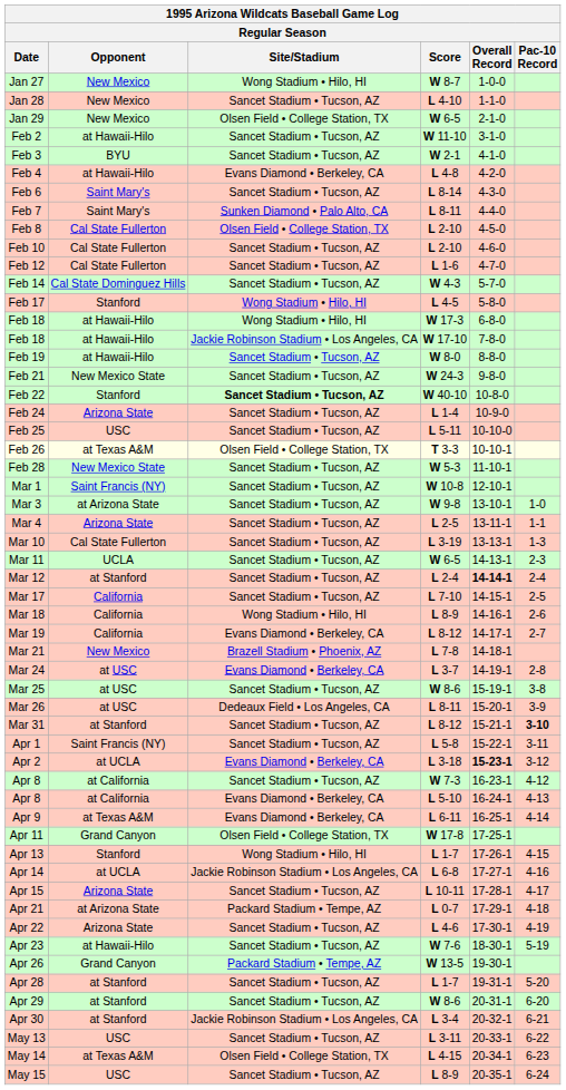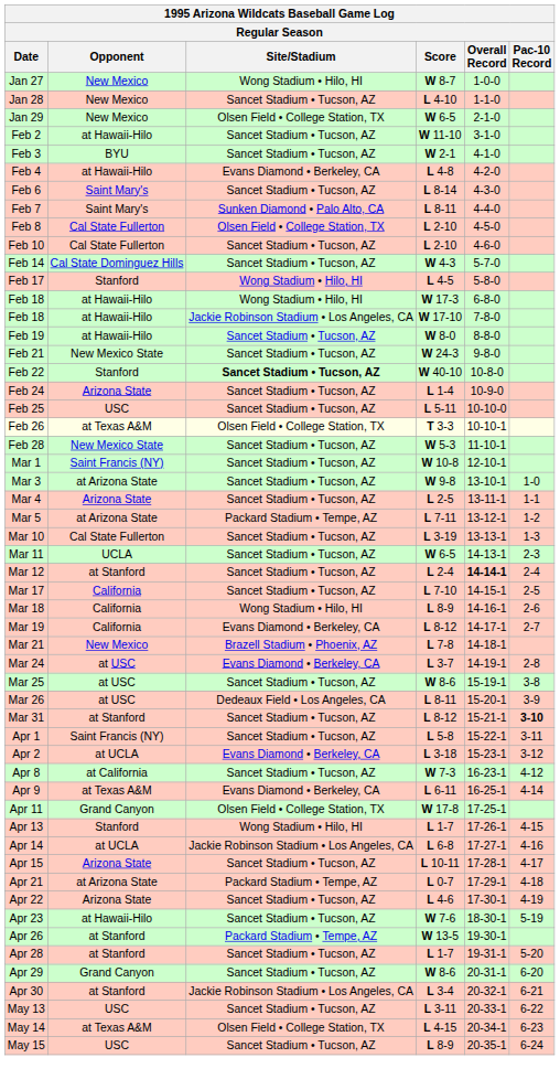 <table class="wikitable">
 <tr>
 <th colspan="6">1995 Arizona Wildcats Baseball Game Log</th>
 </tr>
 <tr>
 <th colspan="6">Regular Season</th>
 </tr>
 <tr>
 <th>Date</th>
 <th>Opponent</th>
 <th>Site/Stadium</th>
 <th>Score</th>
 <th>Overall<br>Record</th>
 <th>Pac-10<br>Record</th>
 </tr>
 <tr bgcolor="ccffcc" align="center">
 <td>Jan 27</td>
 <td><a href='#'>New Mexico</a></td>
 <td>Wong Stadium • Hilo, HI</td>
 <td><strong>W</strong> 8-7</td>
 <td>1-0-0</td>
 <td></td>
 </tr>
 <tr bgcolor="ffccc" align="center">
 <td>Jan 28</td>
 <td>New Mexico</td>
 <td>Sancet Stadium • Tucson, AZ</td>
 <td><strong>L</strong> 4-10</td>
 <td>1-1-0</td>
 <td></td>
 </tr>
 <tr bgcolor="ccffcc" align="center">
 <td>Jan 29</td>
 <td>New Mexico</td>
 <td>Olsen Field • College Station, TX</td>
 <td><strong>W</strong> 6-5</td>
 <td>2-1-0</td>
 <td></td>
 </tr>
 <tr bgcolor="ccffcc" align="center">
 <td>Feb 2</td>
 <td>at Hawaii-Hilo</td>
 <td>Sancet Stadium • Tucson, AZ</td>
 <td><strong>W</strong> 11-10</td>
 <td>3-1-0</td>
 <td></td>
 </tr>
 <tr bgcolor="ccffcc" align="center">
 <td>Feb 3</td>
 <td>BYU</td>
 <td>Sancet Stadium • Tucson, AZ</td>
 <td><strong>W</strong> 2-1</td>
 <td>4-1-0</td>
 <td></td>
 </tr>
 <tr bgcolor="ffccc" align="center">
 <td>Feb 4</td>
 <td>at Hawaii-Hilo</td>
 <td>Evans Diamond • Berkeley, CA</td>
 <td><strong>L</strong> 4-8</td>
 <td>4-2-0</td>
 <td></td>
 </tr>
 <tr bgcolor="ffccc" align="center">
 <td>Feb 6</td>
 <td><a href='#'>Saint Mary's</a></td>
 <td>Sancet Stadium • Tucson, AZ</td>
 <td><strong>L</strong> 8-14</td>
 <td>4-3-0</td>
 <td></td>
 </tr>
 <tr bgcolor="ffccc" align="center">
 <td>Feb 7</td>
 <td>Saint Mary's</td>
 <td><a href='#'>Sunken Diamond</a> • <a href='#'>Palo Alto, CA</a></td>
 <td><strong>L</strong> 8-11</td>
 <td>4-4-0</td>
 <td></td>
 </tr>
 <tr bgcolor="ffccc" align="center">
 <td>Feb 8</td>
 <td><a href='#'>Cal State Fullerton</a></td>
 <td><a href='#'>Olsen Field</a> • <a href='#'>College Station, TX</a></td>
 <td><strong>L</strong> 2-10</td>
 <td>4-5-0</td>
 <td></td>
 </tr>
 <tr bgcolor="ffccc" align="center">
 <td>Feb 10</td>
 <td>Cal State Fullerton</td>
 <td>Sancet Stadium • Tucson, AZ</td>
 <td><strong>L</strong> 2-10</td>
 <td>4-6-0</td>
-<td></td>
-</tr>
-<tr bgcolor="ffccc" align="center">
-<td>Feb 12</td>
-<td>Cal State Fullerton</td>
-<td>Sancet Stadium • Tucson, AZ</td>
-<td><strong>L</strong> 1-6</td>
-<td>4-7-0</td>
 <td></td>
 </tr>
 <tr bgcolor="ccffcc" align="center">
 <td>Feb 14</td>
 <td><a href='#'>Cal State Dominguez Hills</a></td>
 <td>Sancet Stadium • Tucson, AZ</td>
 <td><strong>W</strong> 4-3</td>
 <td>5-7-0</td>
 <td></td>
 </tr>
 <tr bgcolor="ffccc" align="center">
 <td>Feb 17</td>
 <td>Stanford</td>
 <td><a href='#'>Wong Stadium</a> • <a href='#'>Hilo, HI</a></td>
 <td><strong>L</strong> 4-5</td>
 <td>5-8-0</td>
 <td></td>
 </tr>
 <tr bgcolor="ccffcc" align="center">
 <td>Feb 18</td>
 <td>at Hawaii-Hilo</td>
 <td>Wong Stadium • Hilo, HI</td>
 <td><strong>W</strong> 17-3</td>
 <td>6-8-0</td>
 <td></td>
 </tr>
 <tr bgcolor="ccffcc" align="center">
 <td>Feb 18</td>
 <td>at Hawaii-Hilo</td>
 <td><a href='#'>Jackie Robinson Stadium</a> • Los Angeles, CA</td>
 <td><strong>W</strong> 17-10</td>
 <td>7-8-0</td>
 <td></td>
 </tr>
 <tr bgcolor="ccffcc" align="center">
 <td>Feb 19</td>
 <td>at Hawaii-Hilo</td>
 <td><a href='#'>Sancet Stadium</a> • <a href='#'>Tucson, AZ</a></td>
 <td><strong>W</strong> 8-0</td>
 <td>8-8-0</td>
 <td></td>
 </tr>
 <tr bgcolor="ccffcc" align="center">
 <td>Feb 21</td>
 <td>New Mexico State</td>
 <td>Sancet Stadium • Tucson, AZ</td>
 <td><strong>W</strong> 24-3</td>
 <td>9-8-0</td>
 <td></td>
 </tr>
 <tr bgcolor="ccffcc" align="center">
 <td>Feb 22</td>
 <td>Stanford</td>
 <td><strong>Sancet Stadium • Tucson, AZ</strong></td>
 <td><strong>W</strong> 40-10</td>
 <td>10-8-0</td>
 <td></td>
 </tr>
 <tr bgcolor="ffccc" align="center">
 <td>Feb 24</td>
 <td><a href='#'>Arizona State</a></td>
 <td>Sancet Stadium • Tucson, AZ</td>
 <td><strong>L</strong> 1-4</td>
 <td>10-9-0</td>
 <td></td>
 </tr>
 <tr bgcolor="ffccc" align="center">
 <td>Feb 25</td>
 <td>USC</td>
 <td>Sancet Stadium • Tucson, AZ</td>
 <td><strong>L</strong> 5-11</td>
 <td>10-10-0</td>
 <td></td>
 </tr>
 <tr bgcolor="ffffe6" align="center">
 <td>Feb 26</td>
 <td>at Texas A&M</td>
 <td>Olsen Field • College Station, TX</td>
 <td><strong>T</strong> 3-3</td>
 <td>10-10-1</td>
 <td></td>
 </tr>
 <tr bgcolor="ccffcc" align="center">
 <td>Feb 28</td>
 <td><a href='#'>New Mexico State</a></td>
 <td>Sancet Stadium • Tucson, AZ</td>
 <td><strong>W</strong> 5-3</td>
 <td>11-10-1</td>
 <td></td>
 </tr>
 <tr bgcolor="ccffcc" align="center">
 <td>Mar 1</td>
 <td><a href='#'>Saint Francis (NY)</a></td>
 <td>Sancet Stadium • Tucson, AZ</td>
 <td><strong>W</strong> 10-8</td>
 <td>12-10-1</td>
 <td></td>
 </tr>
 <tr bgcolor="ccffcc" align="center">
 <td>Mar 3</td>
 <td>at Arizona State</td>
 <td>Sancet Stadium • Tucson, AZ</td>
 <td><strong>W</strong> 9-8</td>
 <td>13-10-1</td>
 <td>1-0</td>
 </tr>
 <tr bgcolor="ffccc" align="center">
 <td>Mar 4</td>
 <td><a href='#'>Arizona State</a></td>
 <td>Sancet Stadium • Tucson, AZ</td>
 <td><strong>L</strong> 2-5</td>
 <td>13-11-1</td>
 <td>1-1</td>
 </tr>
 <tr bgcolor="ffccc" align="center">
+<td>Mar 5</td>
+<td>at Arizona State</td>
+<td>Packard Stadium • Tempe, AZ</td>
+<td><strong>L</strong> 7-11</td>
+<td>13-12-1</td>
+<td>1-2</td>
+</tr>
+<tr bgcolor="ffccc" align="center">
 <td>Mar 10</td>
 <td>Cal State Fullerton</td>
 <td>Sancet Stadium • Tucson, AZ</td>
 <td><strong>L</strong> 3-19</td>
 <td>13-13-1</td>
 <td>1-3</td>
 </tr>
 <tr bgcolor="ccffcc" align="center">
 <td>Mar 11</td>
 <td>UCLA</td>
 <td>Sancet Stadium • Tucson, AZ</td>
 <td><strong>W</strong> 6-5</td>
 <td>14-13-1</td>
 <td>2-3</td>
 </tr>
 <tr bgcolor="ffccc" align="center">
 <td>Mar 12</td>
 <td>at Stanford</td>
 <td>Sancet Stadium • Tucson, AZ</td>
 <td><strong>L</strong> 2-4</td>
 <td><strong>14-14-1</strong></td>
 <td>2-4</td>
 </tr>
 <tr bgcolor="ffccc" align="center">
 <td>Mar 17</td>
 <td><a href='#'>California</a></td>
 <td>Sancet Stadium • Tucson, AZ</td>
 <td><strong>L</strong> 7-10</td>
 <td>14-15-1</td>
 <td>2-5</td>
 </tr>
 <tr bgcolor="ffccc" align="center">
 <td>Mar 18</td>
 <td>California</td>
 <td>Wong Stadium • Hilo, HI</td>
 <td><strong>L</strong> 8-9</td>
 <td>14-16-1</td>
 <td>2-6</td>
 </tr>
 <tr bgcolor="ffccc" align="center">
 <td>Mar 19</td>
 <td>California</td>
 <td>Evans Diamond • Berkeley, CA</td>
 <td><strong>L</strong> 8-12</td>
 <td>14-17-1</td>
 <td>2-7</td>
 </tr>
 <tr bgcolor="ffccc" align="center">
 <td>Mar 21</td>
 <td><a href='#'>New Mexico</a></td>
 <td><a href='#'>Brazell Stadium</a> • <a href='#'>Phoenix, AZ</a></td>
 <td><strong>L</strong> 7-8</td>
 <td>14-18-1</td>
 <td></td>
 </tr>
 <tr bgcolor="ffccc" align="center">
 <td>Mar 24</td>
 <td>at <a href='#'>USC</a></td>
 <td><a href='#'>Evans Diamond</a> • <a href='#'>Berkeley, CA</a></td>
 <td><strong>L</strong> 3-7</td>
 <td>14-19-1</td>
 <td>2-8</td>
 </tr>
 <tr bgcolor="ccffcc" align="center">
 <td>Mar 25</td>
 <td>at USC</td>
 <td>Sancet Stadium • Tucson, AZ</td>
 <td><strong>W</strong> 8-6</td>
 <td>15-19-1</td>
 <td>3-8</td>
 </tr>
 <tr bgcolor="ffccc" align="center">
 <td>Mar 26</td>
 <td>at USC</td>
 <td>Dedeaux Field • Los Angeles, CA</td>
 <td><strong>L</strong> 8-11</td>
 <td>15-20-1</td>
 <td>3-9</td>
 </tr>
 <tr bgcolor="ffccc" align="center">
 <td>Mar 31</td>
 <td>at Stanford</td>
 <td>Sancet Stadium • Tucson, AZ</td>
 <td><strong>L</strong> 8-12</td>
 <td>15-21-1</td>
 <td><strong>3-10</strong></td>
 </tr>
 <tr bgcolor="ffccc" align="center">
 <td>Apr 1</td>
 <td>Saint Francis (NY)</td>
 <td>Sancet Stadium • Tucson, AZ</td>
 <td><strong>L</strong> 5-8</td>
 <td>15-22-1</td>
 <td>3-11</td>
 </tr>
 <tr bgcolor="ffccc" align="center">
 <td>Apr 2</td>
 <td>at UCLA</td>
 <td><a href='#'>Evans Diamond</a> • <a href='#'>Berkeley, CA</a></td>
 <td><strong>L</strong> 3-18</td>
-<td><strong>15-23-1</strong></td>
+<td>15-23-1</td>
 <td>3-12</td>
 </tr>
 <tr bgcolor="ccffcc" align="center">
 <td>Apr 8</td>
 <td>at California</td>
 <td>Sancet Stadium • Tucson, AZ</td>
 <td><strong>W</strong> 7-3</td>
 <td>16-23-1</td>
 <td>4-12</td>
-</tr>
-<tr bgcolor="ffccc" align="center">
-<td>Apr 8</td>
-<td>at California</td>
-<td>Evans Diamond • Berkeley, CA</td>
-<td><strong>L</strong> 5-10</td>
-<td>16-24-1</td>
-<td>4-13</td>
 </tr>
 <tr bgcolor="ffccc" align="center">
 <td>Apr 9</td>
 <td>at Texas A&M</td>
 <td>Evans Diamond • Berkeley, CA</td>
 <td><strong>L</strong> 6-11</td>
 <td>16-25-1</td>
 <td>4-14</td>
 </tr>
 <tr bgcolor="ccffcc" align="center">
 <td>Apr 11</td>
 <td>Grand Canyon</td>
 <td>Olsen Field • College Station, TX</td>
 <td><strong>W</strong> 17-8</td>
 <td>17-25-1</td>
 <td></td>
 </tr>
 <tr bgcolor="ffccc" align="center">
 <td>Apr 13</td>
 <td>Stanford</td>
 <td>Wong Stadium • Hilo, HI</td>
 <td><strong>L</strong> 1-7</td>
 <td>17-26-1</td>
 <td>4-15</td>
 </tr>
 <tr bgcolor="ffccc" align="center">
 <td>Apr 14</td>
 <td>at UCLA</td>
 <td>Jackie Robinson Stadium • Los Angeles, CA</td>
 <td><strong>L</strong> 6-8</td>
 <td>17-27-1</td>
 <td>4-16</td>
 </tr>
 <tr bgcolor="ffccc" align="center">
 <td>Apr 15</td>
 <td><a href='#'>Arizona State</a></td>
 <td>Sancet Stadium • Tucson, AZ</td>
 <td><strong>L</strong> 10-11</td>
 <td>17-28-1</td>
 <td>4-17</td>
 </tr>
 <tr bgcolor="ffccc" align="center">
 <td>Apr 21</td>
 <td>at Arizona State</td>
 <td>Packard Stadium • Tempe, AZ</td>
 <td><strong>L</strong> 0-7</td>
 <td>17-29-1</td>
 <td>4-18</td>
 </tr>
 <tr bgcolor="ffccc" align="center">
 <td>Apr 22</td>
 <td>Arizona State</td>
 <td>Sancet Stadium • Tucson, AZ</td>
 <td><strong>L</strong> 4-6</td>
 <td>17-30-1</td>
 <td>4-19</td>
 </tr>
 <tr bgcolor="ccffcc" align="center">
 <td>Apr 23</td>
 <td>at Hawaii-Hilo</td>
 <td>Sancet Stadium • Tucson, AZ</td>
 <td><strong>W</strong> 7-6</td>
 <td>18-30-1</td>
 <td>5-19</td>
 </tr>
 <tr bgcolor="ccffcc" align="center">
 <td>Apr 26</td>
-<td>Grand Canyon</td>
+<td>at Stanford</td>
 <td><a href='#'>Packard Stadium</a> • <a href='#'>Tempe, AZ</a></td>
 <td><strong>W</strong> 13-5</td>
 <td>19-30-1</td>
 <td></td>
 </tr>
 <tr bgcolor="ffccc" align="center">
 <td>Apr 28</td>
 <td>at Stanford</td>
 <td>Sancet Stadium • Tucson, AZ</td>
 <td><strong>L</strong> 1-7</td>
 <td>19-31-1</td>
 <td>5-20</td>
 </tr>
 <tr bgcolor="ccffcc" align="center">
 <td>Apr 29</td>
-<td>at Stanford</td>
+<td>Grand Canyon</td>
 <td>Sancet Stadium • Tucson, AZ</td>
 <td><strong>W</strong> 8-6</td>
 <td>20-31-1</td>
 <td>6-20</td>
 </tr>
 <tr bgcolor="ffccc" align="center">
 <td>Apr 30</td>
 <td>at Stanford</td>
 <td>Jackie Robinson Stadium • Los Angeles, CA</td>
 <td><strong>L</strong> 3-4</td>
 <td>20-32-1</td>
 <td>6-21</td>
 </tr>
 <tr bgcolor="ffccc" align="center">
 <td>May 13</td>
 <td>USC</td>
 <td>Sancet Stadium • Tucson, AZ</td>
 <td><strong>L</strong> 3-11</td>
 <td>20-33-1</td>
 <td>6-22</td>
 </tr>
 <tr bgcolor="ffccc" align="center">
 <td>May 14</td>
 <td>at Texas A&M</td>
 <td>Olsen Field • College Station, TX</td>
 <td><strong>L</strong> 4-15</td>
 <td>20-34-1</td>
 <td>6-23</td>
 </tr>
 <tr bgcolor="ffccc" align="center">
 <td>May 15</td>
 <td>USC</td>
 <td>Sancet Stadium • Tucson, AZ</td>
 <td><strong>L</strong> 8-9</td>
 <td>20-35-1</td>
 <td>6-24</td>
 </tr>
 </table>
